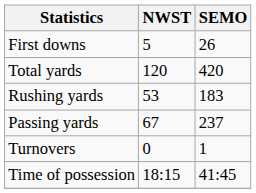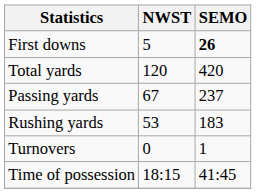 <table class="wikitable" style="float: left;">
 <tr>
 <th>Statistics</th>
 <th>NWST</th>
 <th>SEMO</th>
 </tr>
 <tr>
 <td>First downs</td>
 <td>5</td>
-<td>26</td>
+<td><strong>26</strong></td>
 </tr>
 <tr>
 <td>Total yards</td>
 <td>120</td>
 <td>420</td>
 </tr>
 <tr>
+<td>Passing yards</td>
+<td>67</td>
+<td>237</td>
+</tr>
+<tr>
 <td>Rushing yards</td>
 <td>53</td>
 <td>183</td>
-</tr>
-<tr>
-<td>Passing yards</td>
-<td>67</td>
-<td>237</td>
 </tr>
 <tr>
 <td>Turnovers</td>
 <td>0</td>
 <td>1</td>
 </tr>
 <tr>
 <td>Time of possession</td>
 <td>18:15</td>
 <td>41:45</td>
 </tr>
 <tr>
 </tr>
 </table>
